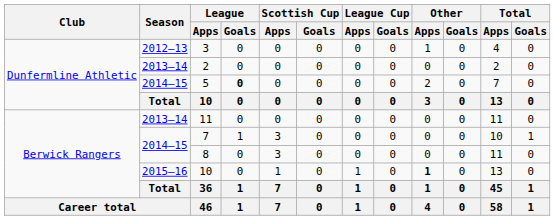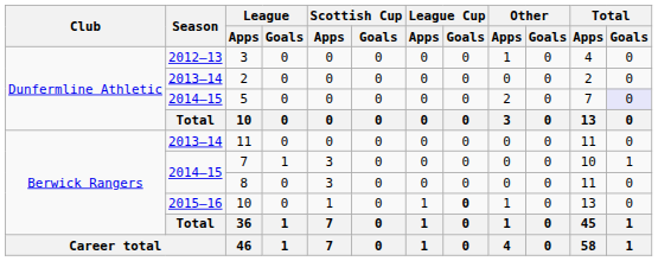 <table class="wikitable" style="text-align: center;">
 <tr>
 <th rowspan="2">Club</th>
 <th rowspan="2">Season</th>
 <th colspan="2">League</th>
 <th colspan="2">Scottish Cup</th>
 <th colspan="2">League Cup</th>
 <th colspan="2">Other</th>
 <th colspan="2">Total</th>
 </tr>
 <tr>
 <th>Apps</th>
 <th>Goals</th>
 <th>Apps</th>
 <th>Goals</th>
 <th>Apps</th>
 <th>Goals</th>
 <th>Apps</th>
 <th>Goals</th>
 <th>Apps</th>
 <th>Goals</th>
 </tr>
 <tr>
 <td rowspan="4"><a href='#'>Dunfermline Athletic</a></td>
 <td><a href='#'>2012–13</a></td>
 <td>3</td>
 <td>0</td>
 <td>0</td>
 <td>0</td>
 <td>0</td>
 <td>0</td>
 <td>1</td>
 <td>0</td>
 <td>4</td>
 <td>0</td>
 </tr>
 <tr>
 <td><a href='#'>2013–14</a></td>
 <td>2</td>
 <td>0</td>
 <td>0</td>
 <td>0</td>
 <td>0</td>
 <td>0</td>
 <td>0</td>
 <td>0</td>
 <td>2</td>
 <td>0</td>
 </tr>
 <tr>
 <td><a href='#'>2014–15</a></td>
 <td>5</td>
-<td><strong>0</strong></td>
+<td>0</td>
 <td>0</td>
 <td>0</td>
 <td>0</td>
 <td>0</td>
 <td>2</td>
 <td>0</td>
 <td>7</td>
-<td>0</td>
+<td style="background: lavender;">0</td>
 </tr>
 <tr>
 <th>Total</th>
 <th>10</th>
 <th>0</th>
 <th>0</th>
 <th>0</th>
 <th>0</th>
 <th>0</th>
 <th>3</th>
 <th>0</th>
 <th>13</th>
 <th>0</th>
 </tr>
 <tr>
 <td rowspan="5"><a href='#'>Berwick Rangers</a></td>
 <td><a href='#'>2013–14</a></td>
 <td>11</td>
 <td>0</td>
 <td>0</td>
 <td>0</td>
 <td>0</td>
 <td>0</td>
 <td>0</td>
 <td>0</td>
 <td>11</td>
 <td>0</td>
 </tr>
 <tr>
 <td rowspan="2"><a href='#'>2014–15</a></td>
 <td>7</td>
 <td>1</td>
 <td>3</td>
 <td>0</td>
 <td>0</td>
 <td>0</td>
 <td>0</td>
 <td>0</td>
 <td>10</td>
 <td>1</td>
 </tr>
 <tr>
 <td>8</td>
 <td>0</td>
 <td>3</td>
 <td>0</td>
 <td>0</td>
 <td>0</td>
 <td>0</td>
 <td>0</td>
 <td>11</td>
 <td>0</td>
 </tr>
 <tr>
 <td><a href='#'>2015–16</a></td>
 <td>10</td>
 <td>0</td>
 <td>1</td>
 <td>0</td>
 <td>1</td>
-<td>0</td>
-<td><strong>1</strong></td>
+<td><strong>0</strong></td>
+<td>1</td>
 <td>0</td>
 <td>13</td>
 <td>0</td>
 </tr>
 <tr>
 <th>Total</th>
 <th>36</th>
 <th>1</th>
 <th>7</th>
 <th>0</th>
 <th>1</th>
 <th>0</th>
 <th>1</th>
 <th>0</th>
 <th>45</th>
 <th>1</th>
 </tr>
 <tr>
 <th colspan="2">Career total</th>
 <th>46</th>
 <th>1</th>
 <th>7</th>
 <th>0</th>
 <th>1</th>
 <th>0</th>
 <th>4</th>
 <th>0</th>
 <th>58</th>
 <th>1</th>
 </tr>
 </table>
